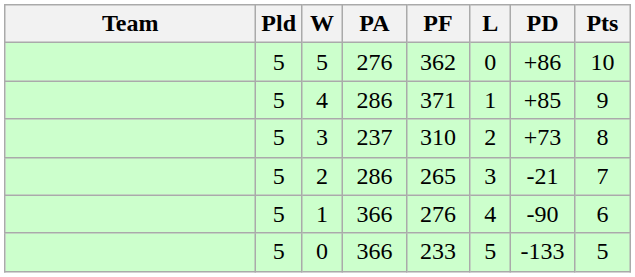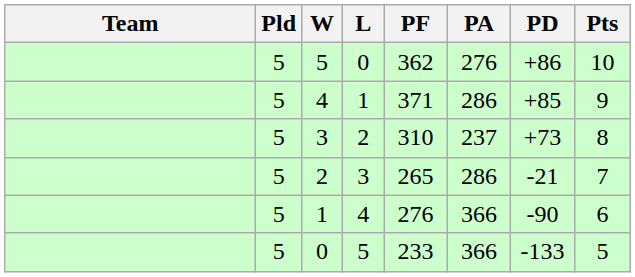 <table class=wikitable style="text-align:center">
 <tr>
 <th width=160>Team</th>
 <th width=20>Pld</th>
 <th width=20>W</th>
+<th width=20>L</th>
+<th width=35>PF</th>
 <th width=35>PA</th>
-<th width=35>PF</th>
-<th width=20>L</th>
 <th width=35>PD</th>
 <th width=30>Pts</th>
 </tr>
 <tr align="center" bgcolor="#CCFFCC">
 <td align=left></td>
 <td>5</td>
 <td>5</td>
+<td>0</td>
+<td>362</td>
 <td>276</td>
-<td>362</td>
-<td>0</td>
 <td>+86</td>
 <td>10</td>
 </tr>
 <tr align="center" bgcolor="#CCFFCC">
 <td align=left></td>
 <td>5</td>
 <td>4</td>
+<td>1</td>
+<td>371</td>
 <td>286</td>
-<td>371</td>
-<td>1</td>
 <td>+85</td>
 <td>9</td>
 </tr>
 <tr align="center" bgcolor="#CCFFCC">
 <td align=left></td>
 <td>5</td>
 <td>3</td>
+<td>2</td>
+<td>310</td>
 <td>237</td>
-<td>310</td>
-<td>2</td>
 <td>+73</td>
 <td>8</td>
 </tr>
 <tr align="center" bgcolor="#CCFFCC">
 <td align=left></td>
 <td>5</td>
 <td>2</td>
+<td>3</td>
+<td>265</td>
 <td>286</td>
-<td>265</td>
-<td>3</td>
 <td>-21</td>
 <td>7</td>
 </tr>
 <tr align="center" bgcolor="#CCFFCC">
 <td align=left></td>
 <td>5</td>
 <td>1</td>
+<td>4</td>
+<td>276</td>
 <td>366</td>
-<td>276</td>
-<td>4</td>
 <td>-90</td>
 <td>6</td>
 </tr>
 <tr align="center" bgcolor="#CCFFCC">
 <td align=left></td>
 <td>5</td>
 <td>0</td>
+<td>5</td>
+<td>233</td>
 <td>366</td>
-<td>233</td>
-<td>5</td>
 <td>-133</td>
 <td>5</td>
 </tr>
 </table>
